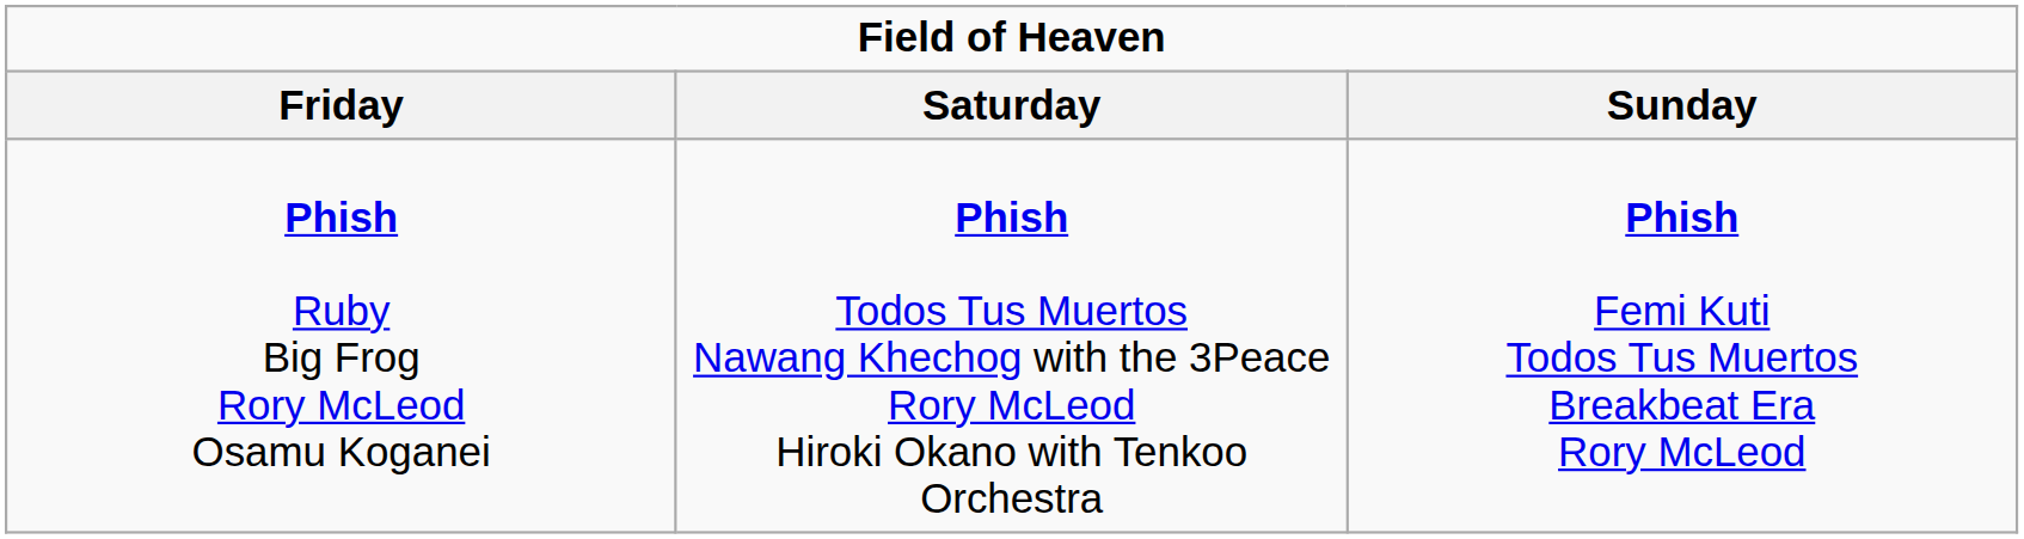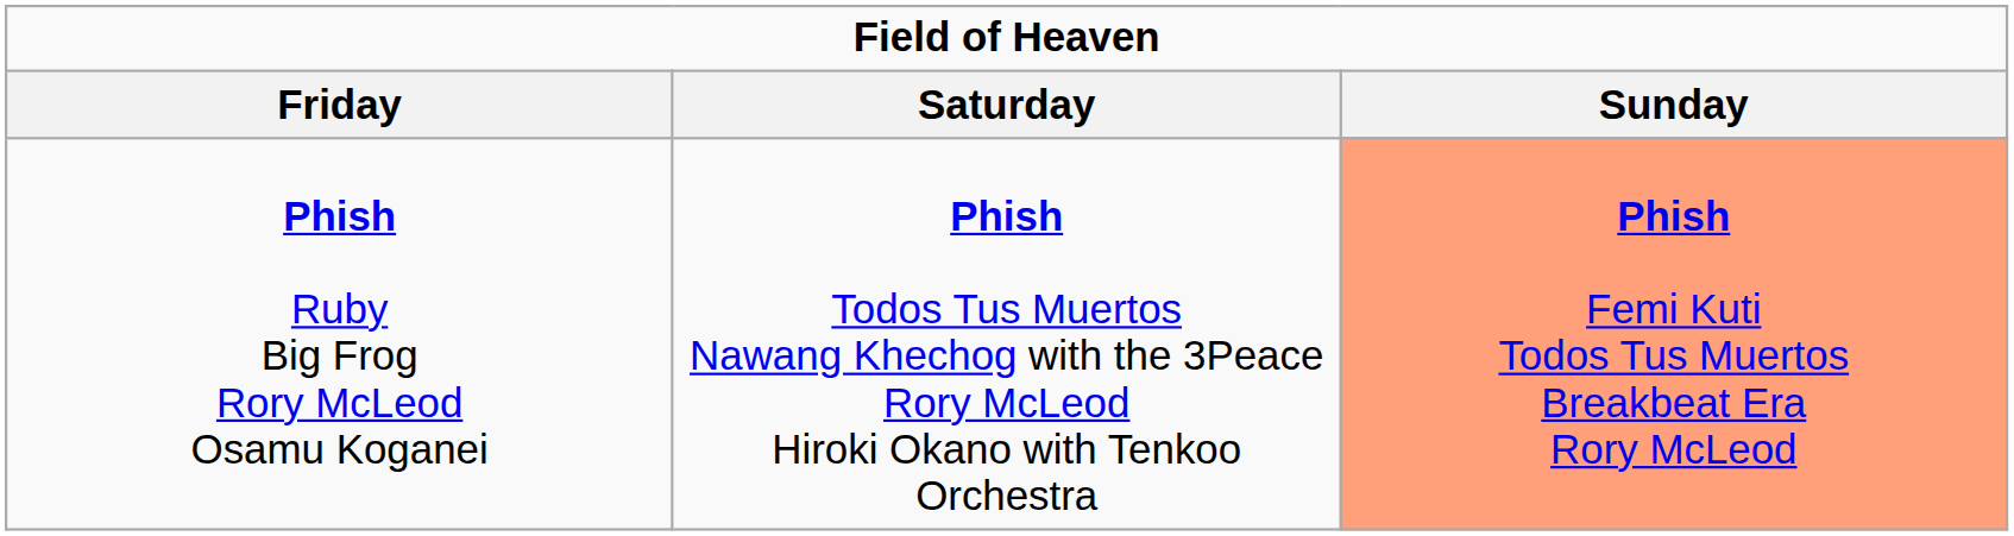 <table class="wikitable">
 <tr>
 <td colspan="3" style="text-align:center;"><strong>Field of Heaven</strong></td>
 </tr>
 <tr>
 <th>Friday</th>
 <th>Saturday</th>
 <th>Sunday</th>
 </tr>
 <tr>
 <td style="text-align:center; vertical-align:top; width:250px;"><br><strong><a href='#'>Phish</a></strong> <br> <br> <a href='#'>Ruby</a> <br> Big Frog <br> <a href='#'>Rory McLeod</a> <br> Osamu Koganei</td>
 <td style="text-align:center; vertical-align:top; width:250px;"><br><strong><a href='#'>Phish</a></strong> <br> <br> <a href='#'>Todos Tus Muertos</a> <br> <a href='#'>Nawang Khechog</a> with the 3Peace <br> <a href='#'>Rory McLeod</a> <br> Hiroki Okano with Tenkoo Orchestra</td>
-<td style="text-align:center; vertical-align:top; width:250px;"><br><strong><a href='#'>Phish</a></strong> <br> <br> <a href='#'>Femi Kuti</a> <br> <a href='#'>Todos Tus Muertos</a> <br> <a href='#'>Breakbeat Era</a> <br> <a href='#'>Rory McLeod</a></td>
+<td style="background: lightsalmon; text-align:center; vertical-align:top; width:250px;"><br><strong><a href='#'>Phish</a></strong> <br> <br> <a href='#'>Femi Kuti</a> <br> <a href='#'>Todos Tus Muertos</a> <br> <a href='#'>Breakbeat Era</a> <br> <a href='#'>Rory McLeod</a></td>
 </tr>
 </table>
